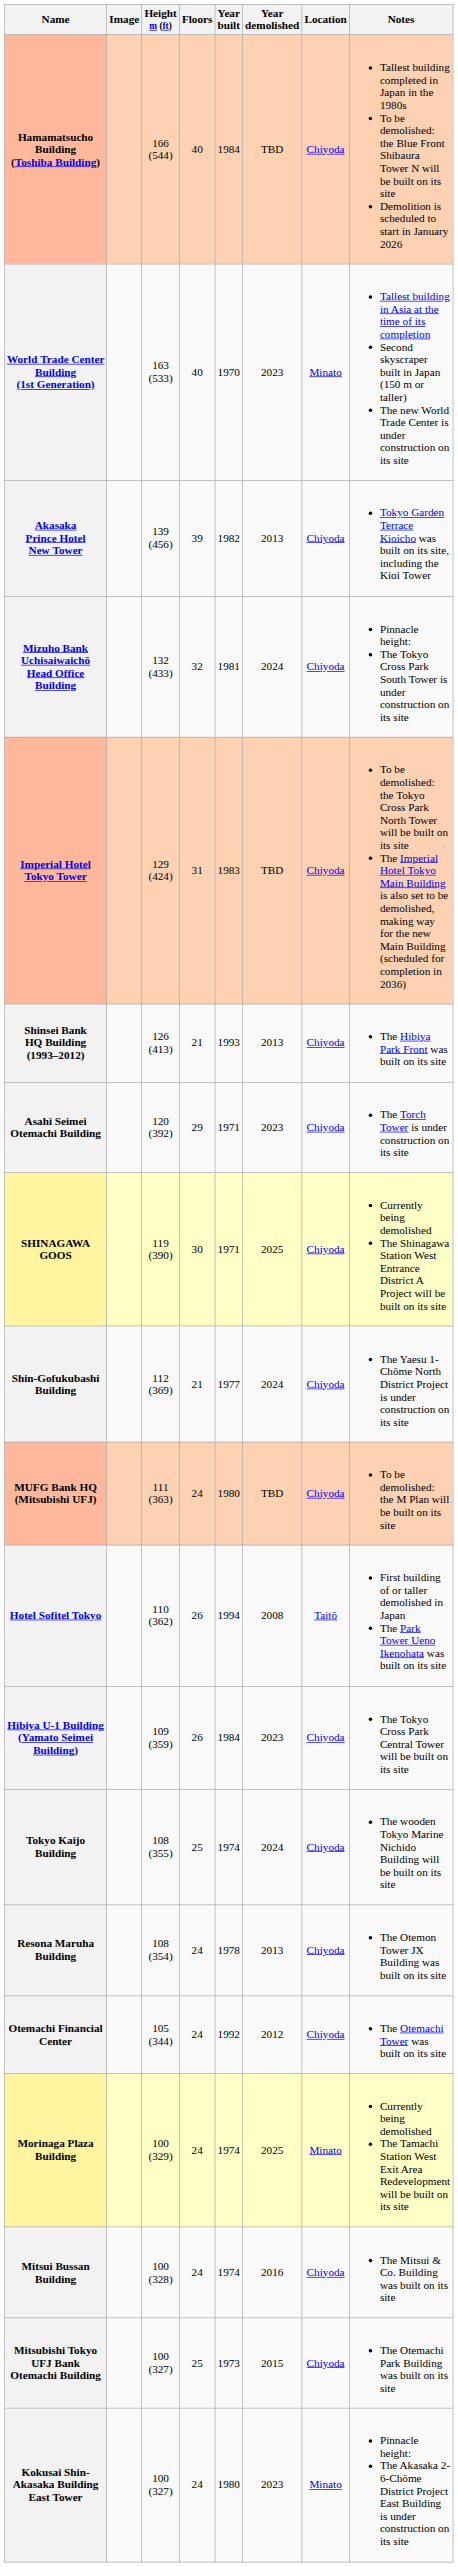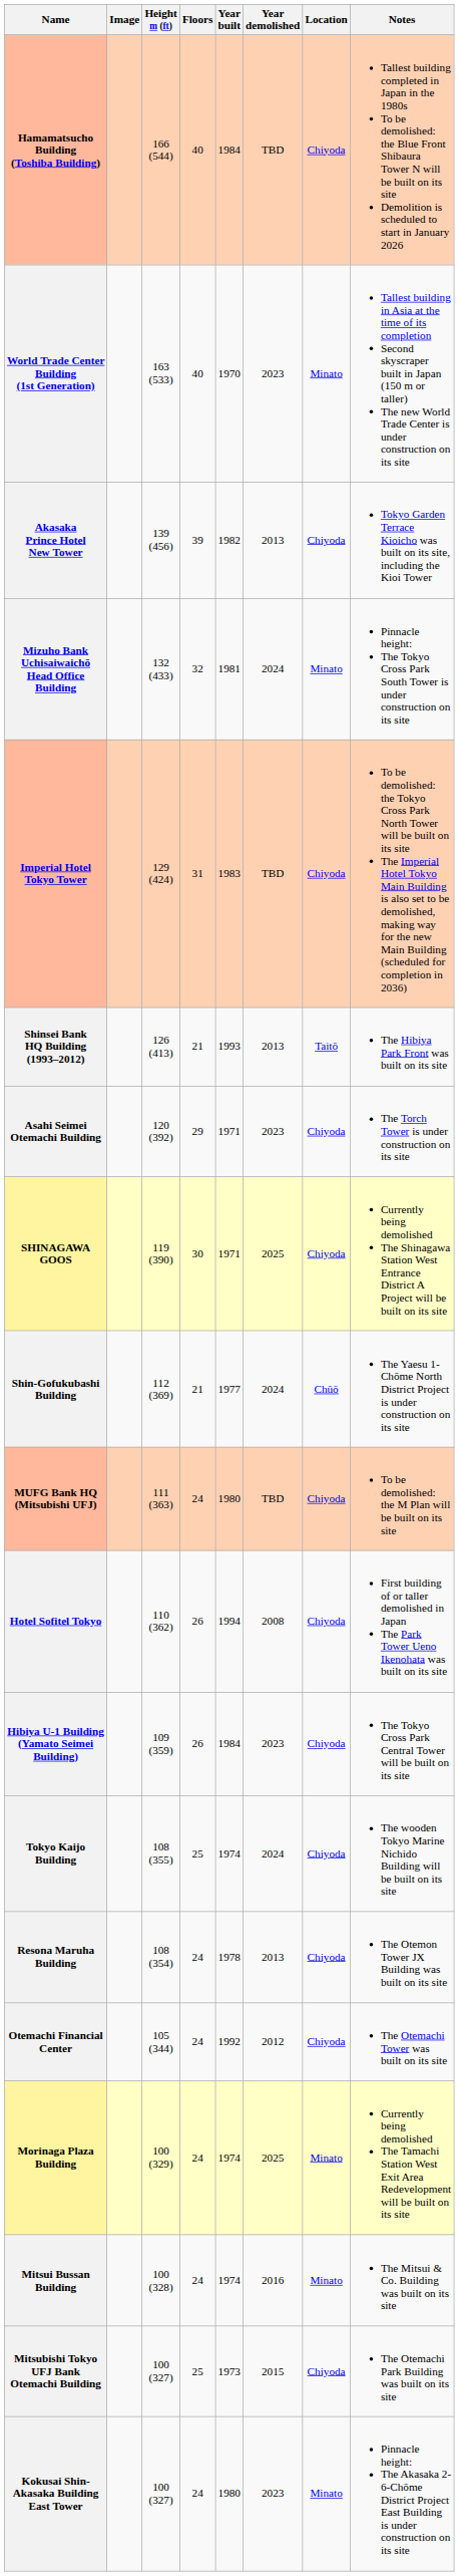 <table class="wikitable sortable plainrowheaders">
 <tr>
 <th scope="col">Name</th>
 <th scope="col" class="unsortable">Image</th>
 <th scope="col" width="75px">Height<br><small><a href='#'>m</a> (<a href='#'>ft</a>)</small></th>
 <th scope="col">Floors</th>
 <th scope="col">Year<br>built</th>
 <th scope="col">Year<br>demolished</th>
 <th scope="col">Location</th>
 <th scope="col" class="unsortable">Notes</th>
 </tr>
 <tr style="background:#FFD1B3;">
 <th scope="row" style="text-align:center; background-color:#FFB89C;">Hamamatsucho Building<br> (<a href='#'>Toshiba Building</a>)</th>
 <td></td>
 <td align="center">166 (544)</td>
 <td align="center">40</td>
 <td align="center">1984</td>
 <td align="center">TBD</td>
 <td align="center" data-sort-value="Chiyoda-6"><a href='#'>Chiyoda</a> </td>
 <td><br><ul><li>Tallest building completed in Japan in the 1980s</li><li>To be demolished: the  Blue Front Shibaura Tower N will be built on its site</li><li>Demolition is scheduled to start in January 2026</li></ul></td>
 </tr>
 <tr>
 <th scope="row" style="text-align:center"><a href='#'>World Trade Center Building<br> (1st Generation)</a></th>
 <td></td>
 <td align="center">163 (533)</td>
 <td align="center">40</td>
 <td align="center">1970</td>
 <td align="center">2023</td>
 <td align="center" data-sort-value="Minato-2"><a href='#'>Minato</a> </td>
 <td><br><ul><li><a href='#'>Tallest building in Asia at the time of its completion</a></li><li>Second skyscraper built in Japan (150 m or taller)</li><li>The new  World Trade Center is under construction on its site</li></ul></td>
 </tr>
 <tr>
 <th scope="row" style="text-align:center"><a href='#'>Akasaka Prince Hotel New Tower</a></th>
 <td></td>
 <td align="center">139 (456)</td>
 <td align="center">39</td>
 <td align="center">1982</td>
 <td align="center">2013</td>
 <td align="center" data-sort-value="Chiyoda-1"><a href='#'>Chiyoda</a> </td>
 <td><br><ul><li><a href='#'>Tokyo Garden Terrace Kioicho</a> was built on its site, including the  Kioi Tower</li></ul></td>
 </tr>
 <tr>
 <th scope="row" style="text-align:center"><a href='#'>Mizuho Bank Uchisaiwaichō Head Office Building</a></th>
 <td></td>
 <td align="center">132 (433)</td>
 <td align="center">32</td>
 <td align="center">1981</td>
 <td align="center">2024</td>
-<td align="center" data-sort-value="Chiyoda-2"><a href='#'>Chiyoda</a> </td>
+<td align="center" data-sort-value="Minato-4"><a href='#'>Minato</a> </td>
 <td><br><ul><li>Pinnacle height: </li><li>The  Tokyo Cross Park South Tower is under construction on its site</li></ul></td>
 </tr>
 <tr style="background:#FFD1B3;">
 <th scope="row" style="text-align:center; background-color:#FFB89C;"><a href='#'>Imperial Hotel Tokyo Tower</a></th>
 <td></td>
 <td align="center">129 (424)</td>
 <td align="center">31</td>
 <td align="center">1983</td>
 <td align="center">TBD</td>
 <td align="center" data-sort-value="Chiyoda-3"><a href='#'>Chiyoda</a> </td>
 <td><br><ul><li>To be demolished: the  Tokyo Cross Park North Tower will be built on its site</li><li>The  <a href='#'>Imperial Hotel Tokyo Main Building</a> is also set to be demolished, making way for the  new Main Building (scheduled for completion in 2036)</li></ul></td>
 </tr>
 <tr>
 <th scope="row" style="text-align:center">Shinsei Bank HQ Building<br> (1993–2012)</th>
 <td></td>
 <td align="center">126 (413)</td>
 <td align="center">21</td>
 <td align="center">1993</td>
 <td align="center">2013</td>
-<td align="center" data-sort-value="Chiyoda-4"><a href='#'>Chiyoda</a> </td>
+<td align="center"><a href='#'>Taitō</a> </td>
 <td><br><ul><li>The  <a href='#'>Hibiya Park Front</a> was built on its site</li></ul></td>
 </tr>
 <tr>
 <th scope="row" style="text-align:center">Asahi Seimei Otemachi Building</th>
 <td></td>
 <td align="center">120 (392)</td>
 <td align="center">29</td>
 <td align="center">1971</td>
 <td align="center">2023</td>
 <td align="center" data-sort-value="Chiyoda-5"><a href='#'>Chiyoda</a> </td>
 <td><br><ul><li>The  <a href='#'>Torch Tower</a> is under construction on its site</li></ul></td>
 </tr>
 <tr style="background:#FFFFC6;">
 <th scope="row" style="text-align:center; background-color:#FFF5A0;">SHINAGAWA GOOS</th>
 <td></td>
 <td align="center">119 (390)</td>
 <td align="center">30</td>
 <td align="center">1971</td>
 <td align="center">2025</td>
 <td align="center" data-sort-value="Chiyoda-3"><a href='#'>Chiyoda</a> </td>
 <td><br><ul><li>Currently being demolished</li><li>The  Shinagawa Station West Entrance District A Project will be built on its site</li></ul></td>
 </tr>
 <tr>
 <th scope="row" style="text-align:center">Shin-Gofukubashi Building</th>
 <td></td>
 <td align="center">112 (369)</td>
 <td align="center">21</td>
 <td align="center">1977</td>
 <td align="center">2024</td>
-<td align="center" data-sort-value="Chiyoda-11"><a href='#'>Chiyoda</a> </td>
+<td align="center"><a href='#'>Chūō</a> </td>
 <td><br><ul><li>The  Yaesu 1-Chōme North District Project is under construction on its site</li></ul></td>
 </tr>
 <tr style="background:#FFD1B3;">
 <th scope="row" style="text-align:center; background-color:#FFB89C;">MUFG Bank HQ (Mitsubishi UFJ)</th>
 <td></td>
 <td align="center">111 (363)</td>
 <td align="center">24</td>
 <td align="center">1980</td>
 <td align="center">TBD</td>
 <td align="center" data-sort-value="Chiyoda-6"><a href='#'>Chiyoda</a> </td>
 <td><br><ul><li>To be demolished: the  M Plan will be built on its site</li></ul></td>
 </tr>
 <tr>
 <th scope="row" style="text-align:center"><a href='#'>Hotel Sofitel Tokyo</a></th>
 <td></td>
 <td align="center">110 (362)</td>
 <td align="center">26</td>
 <td align="center">1994</td>
 <td align="center">2008</td>
-<td align="center"><a href='#'>Taitō</a> </td>
+<td align="center" data-sort-value="Chiyoda-4"><a href='#'>Chiyoda</a> </td>
 <td><br><ul><li>First building of  or taller demolished in Japan</li><li>The  <a href='#'>Park Tower Ueno Ikenohata</a> was built on its site</li></ul></td>
 </tr>
 <tr>
 <th scope="row" style="text-align:center"><a href='#'>Hibiya U-1 Building<br> (Yamato Seimei Building)</a></th>
 <td></td>
 <td align="center">109 (359)</td>
 <td align="center">26</td>
 <td align="center">1984</td>
 <td align="center">2023</td>
 <td align="center" data-sort-value="Chiyoda-7"><a href='#'>Chiyoda</a> </td>
 <td><br><ul><li>The  Tokyo Cross Park Central Tower will be built on its site</li></ul></td>
 </tr>
 <tr>
 <th scope="row" style="text-align:center">Tokyo Kaijo Building</th>
 <td></td>
 <td align="center">108 (355)</td>
 <td align="center">25</td>
 <td align="center">1974</td>
 <td align="center">2024</td>
 <td align="center" data-sort-value="Chiyoda-8"><a href='#'>Chiyoda</a> </td>
 <td><br><ul><li>The wooden  Tokyo Marine Nichido Building will be built on its site</li></ul></td>
 </tr>
 <tr>
 <th scope="row" style="text-align:center">Resona Maruha Building</th>
 <td></td>
 <td align="center">108 (354)</td>
 <td align="center">24</td>
 <td align="center">1978</td>
 <td align="center">2013</td>
 <td align="center" data-sort-value="Chiyoda-9"><a href='#'>Chiyoda</a> </td>
 <td><br><ul><li>The  Otemon Tower JX Building was built on its site</li></ul></td>
 </tr>
 <tr>
 <th scope="row" style="text-align:center">Otemachi Financial Center</th>
 <td></td>
 <td align="center">105 (344)</td>
 <td align="center">24</td>
 <td align="center">1992</td>
 <td align="center">2012</td>
 <td align="center" data-sort-value="Chiyoda-10"><a href='#'>Chiyoda</a> </td>
 <td><br><ul><li>The  <a href='#'>Otemachi Tower</a> was built on its site</li></ul></td>
 </tr>
 <tr style="background:#FFFFC6;">
 <th scope="row" style="text-align:center; background-color:#FFF5A0;">Morinaga Plaza Building</th>
 <td></td>
 <td align="center">100 (329)</td>
 <td align="center">24</td>
 <td align="center">1974</td>
 <td align="center">2025</td>
 <td align="center" data-sort-value="Minato-4"><a href='#'>Minato</a> </td>
 <td><br><ul><li>Currently being demolished</li><li>The  Tamachi Station West Exit Area Redevelopment will be built on its site</li></ul></td>
 </tr>
 <tr>
 <th scope="row" style="text-align:center">Mitsui Bussan Building</th>
 <td></td>
 <td align="center">100 (328)</td>
 <td align="center">24</td>
 <td align="center">1974</td>
 <td align="center">2016</td>
-<td align="center" data-sort-value="Chiyoda-11"><a href='#'>Chiyoda</a> </td>
+<td align="center" data-sort-value="Minato-5"><a href='#'>Minato</a> </td>
 <td><br><ul><li>The  Mitsui & Co. Building was built on its site</li></ul></td>
 </tr>
 <tr>
 <th scope="row" style="text-align:center">Mitsubishi Tokyo UFJ Bank Otemachi Building</th>
 <td></td>
 <td align="center">100 (327)</td>
 <td align="center">25</td>
 <td align="center">1973</td>
 <td align="center">2015</td>
 <td align="center" data-sort-value="Chiyoda-12"><a href='#'>Chiyoda</a> </td>
 <td><br><ul><li>The  Otemachi Park Building was built on its site</li></ul></td>
 </tr>
 <tr>
 <th scope="row" style="text-align:center">Kokusai Shin-Akasaka Building<br> East Tower</th>
 <td></td>
 <td align="center">100 (327)</td>
 <td align="center">24</td>
 <td align="center">1980</td>
 <td align="center">2023</td>
 <td align="center" data-sort-value="Minato-5"><a href='#'>Minato</a> </td>
 <td><br><ul><li>Pinnacle height: </li><li>The  Akasaka 2-6-Chōme District Project East Building is under construction on its site</li></ul></td>
 </tr>
 </table>
